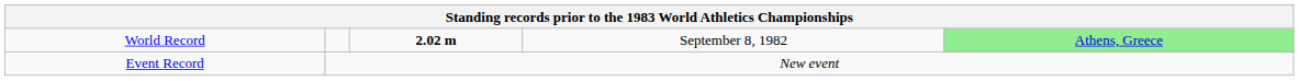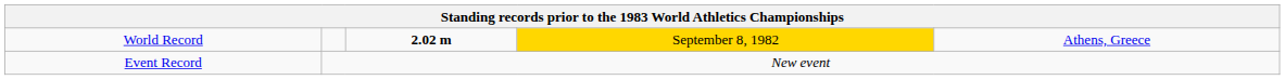 <table class="wikitable" style=" text-align:center; font-size:110%;" width="80%">
 <tr>
 <th colspan="5">Standing records prior to the 1983 World Athletics Championships</th>
 </tr>
 <tr>
 <td><a href='#'>World Record</a></td>
 <td></td>
 <td><strong>2.02 m</strong></td>
-<td>September 8, 1982</td>
-<td style="background: lightgreen;"> <a href='#'>Athens, Greece</a></td>
+<td style="background: gold;">September 8, 1982</td>
+<td> <a href='#'>Athens, Greece</a></td>
 </tr>
 <tr>
 <td><a href='#'>Event Record</a></td>
 <td colspan="4"><em>New event</em></td>
 </tr>
 </table>
